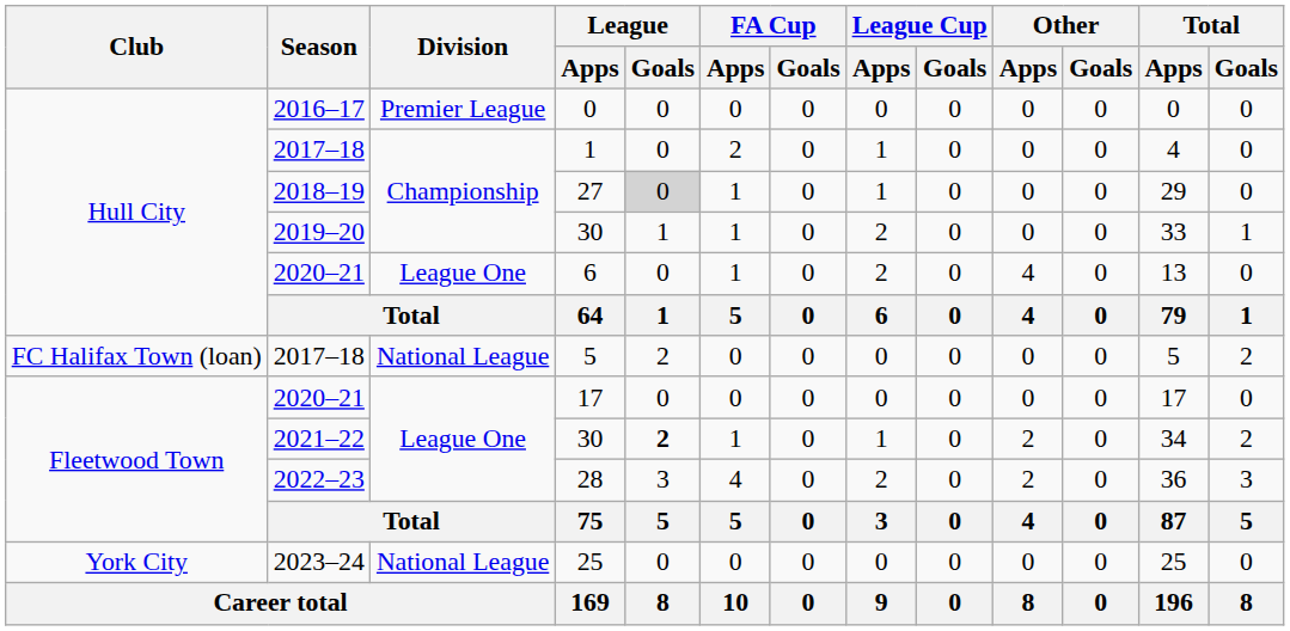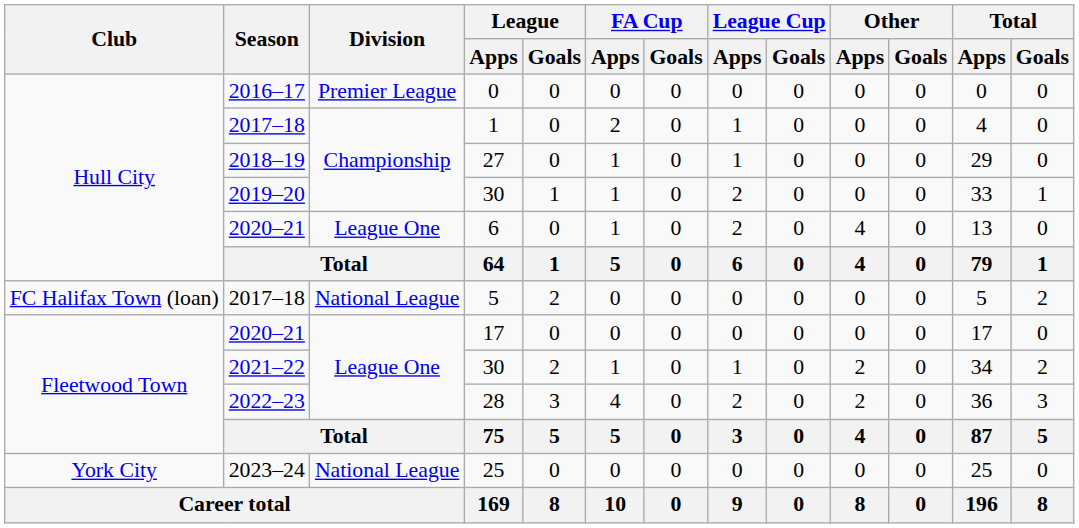 <table class="wikitable" style="text-align:center;">
 <tr>
 <th rowspan="2">Club</th>
 <th rowspan="2">Season</th>
 <th rowspan="2">Division</th>
 <th colspan="2">League</th>
 <th colspan="2"><a href='#'>FA Cup</a></th>
 <th colspan="2"><a href='#'>League Cup</a></th>
 <th colspan="2">Other</th>
 <th colspan="2">Total</th>
 </tr>
 <tr>
 <th>Apps</th>
 <th>Goals</th>
 <th>Apps</th>
 <th>Goals</th>
 <th>Apps</th>
 <th>Goals</th>
 <th>Apps</th>
 <th>Goals</th>
 <th>Apps</th>
 <th>Goals</th>
 </tr>
 <tr>
 <td rowspan=6><a href='#'>Hull City</a></td>
 <td><a href='#'>2016–17</a></td>
 <td><a href='#'>Premier League</a></td>
 <td>0</td>
 <td>0</td>
 <td>0</td>
 <td>0</td>
 <td>0</td>
 <td>0</td>
 <td>0</td>
 <td>0</td>
 <td>0</td>
 <td>0</td>
 </tr>
 <tr>
 <td><a href='#'>2017–18</a></td>
 <td rowspan="3"><a href='#'>Championship</a></td>
 <td>1</td>
 <td>0</td>
 <td>2</td>
 <td>0</td>
 <td>1</td>
 <td>0</td>
 <td>0</td>
 <td>0</td>
 <td>4</td>
 <td>0</td>
 </tr>
 <tr>
 <td><a href='#'>2018–19</a></td>
 <td>27</td>
-<td style="background: lightgrey;">0</td>
+<td>0</td>
 <td>1</td>
 <td>0</td>
 <td>1</td>
 <td>0</td>
 <td>0</td>
 <td>0</td>
 <td>29</td>
 <td>0</td>
 </tr>
 <tr>
 <td><a href='#'>2019–20</a></td>
 <td>30</td>
 <td>1</td>
 <td>1</td>
 <td>0</td>
 <td>2</td>
 <td>0</td>
 <td>0</td>
 <td>0</td>
 <td>33</td>
 <td>1</td>
 </tr>
 <tr>
 <td><a href='#'>2020–21</a></td>
 <td><a href='#'>League One</a></td>
 <td>6</td>
 <td>0</td>
 <td>1</td>
 <td>0</td>
 <td>2</td>
 <td>0</td>
 <td>4</td>
 <td>0</td>
 <td>13</td>
 <td>0</td>
 </tr>
 <tr>
 <th colspan="2">Total</th>
 <th>64</th>
 <th>1</th>
 <th>5</th>
 <th>0</th>
 <th>6</th>
 <th>0</th>
 <th>4</th>
 <th>0</th>
 <th>79</th>
 <th>1</th>
 </tr>
 <tr>
 <td><a href='#'>FC Halifax Town</a> (loan)</td>
 <td>2017–18</td>
 <td><a href='#'>National League</a></td>
 <td>5</td>
 <td>2</td>
 <td>0</td>
 <td>0</td>
 <td>0</td>
 <td>0</td>
 <td>0</td>
 <td>0</td>
 <td>5</td>
 <td>2</td>
 </tr>
 <tr>
 <td rowspan=4><a href='#'>Fleetwood Town</a></td>
 <td><a href='#'>2020–21</a></td>
 <td rowspan=3><a href='#'>League One</a></td>
 <td>17</td>
 <td>0</td>
 <td>0</td>
 <td>0</td>
 <td>0</td>
 <td>0</td>
 <td>0</td>
 <td>0</td>
 <td>17</td>
 <td>0</td>
 </tr>
 <tr>
 <td><a href='#'>2021–22</a></td>
 <td>30</td>
-<td><strong>2</strong></td>
+<td>2</td>
 <td>1</td>
 <td>0</td>
 <td>1</td>
 <td>0</td>
 <td>2</td>
 <td>0</td>
 <td>34</td>
 <td>2</td>
 </tr>
 <tr>
 <td><a href='#'>2022–23</a></td>
 <td>28</td>
 <td>3</td>
 <td>4</td>
 <td>0</td>
 <td>2</td>
 <td>0</td>
 <td>2</td>
 <td>0</td>
 <td>36</td>
 <td>3</td>
 </tr>
 <tr>
 <th colspan="2">Total</th>
 <th>75</th>
 <th>5</th>
 <th>5</th>
 <th>0</th>
 <th>3</th>
 <th>0</th>
 <th>4</th>
 <th>0</th>
 <th>87</th>
 <th>5</th>
 </tr>
 <tr>
 <td><a href='#'>York City</a></td>
 <td>2023–24</td>
 <td><a href='#'>National League</a></td>
 <td>25</td>
 <td>0</td>
 <td>0</td>
 <td>0</td>
 <td>0</td>
 <td>0</td>
 <td>0</td>
 <td>0</td>
 <td>25</td>
 <td>0</td>
 </tr>
 <tr>
 <th colspan="3">Career total</th>
 <th>169</th>
 <th>8</th>
 <th>10</th>
 <th>0</th>
 <th>9</th>
 <th>0</th>
 <th>8</th>
 <th>0</th>
 <th>196</th>
 <th>8</th>
 </tr>
 </table>
